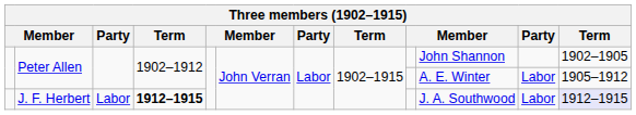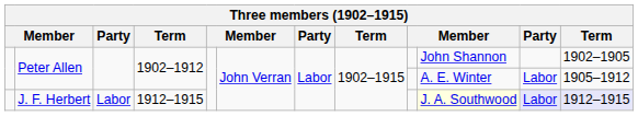 <table class="wikitable">
 <tr>
 <th colspan=12>Three members (1902–1915)</th>
 </tr>
 <tr>
 <th colspan=2>Member</th>
 <th>Party</th>
 <th>Term</th>
 <th colspan=2>Member</th>
 <th>Party</th>
 <th>Term</th>
 <th colspan=2>Member</th>
 <th>Party</th>
 <th>Term</th>
 </tr>
 <tr>
 <td rowspan=2 > </td>
 <td rowspan=2><a href='#'>Peter Allen</a></td>
 <td rowspan=2></td>
 <td rowspan=2>1902–1912</td>
 <td rowspan=3 > </td>
 <td rowspan=3><a href='#'>John Verran</a></td>
 <td rowspan=3><a href='#'>Labor</a></td>
 <td rowspan=3>1902–1915</td>
 <td> </td>
 <td><a href='#'>John Shannon</a></td>
 <td></td>
 <td>1902–1905</td>
 </tr>
 <tr>
 <td> </td>
 <td><a href='#'>A. E. Winter</a></td>
 <td><a href='#'>Labor</a></td>
 <td>1905–1912</td>
 </tr>
 <tr>
 <td> </td>
 <td><a href='#'>J. F. Herbert</a></td>
 <td><a href='#'>Labor</a></td>
-<td><strong>1912–1915</strong></td>
+<td>1912–1915</td>
 <td> </td>
-<td><a href='#'>J. A. Southwood</a></td>
-<td><a href='#'>Labor</a></td>
+<td style="background: lightyellow;"><a href='#'>J. A. Southwood</a></td>
+<td style="background: lavender;"><a href='#'>Labor</a></td>
 <td style="background: lavender;">1912–1915</td>
 </tr>
 </table>
